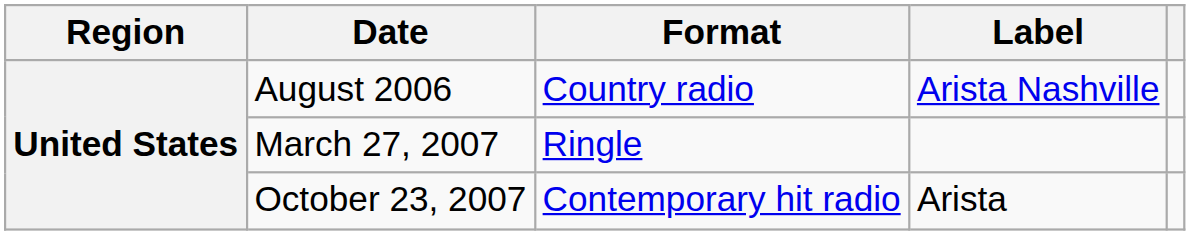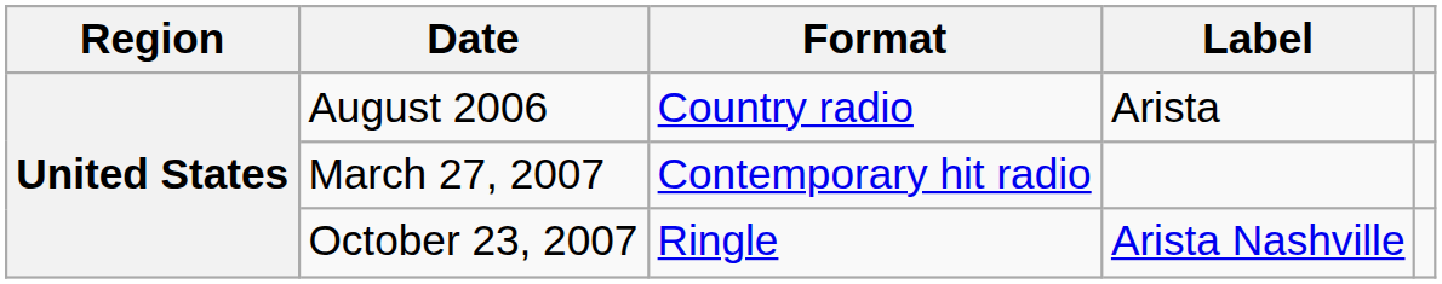 <table class="wikitable plainrowheaders unsortable">
 <tr>
 <th scope="col">Region</th>
 <th scope="col">Date</th>
 <th scope="col">Format</th>
 <th scope="col">Label</th>
 <th scope="col"></th>
 </tr>
 <tr>
 <th scope="row" rowspan="3">United States</th>
 <td>August 2006</td>
 <td><a href='#'>Country radio</a></td>
-<td><a href='#'>Arista Nashville</a></td>
+<td>Arista</td>
 <td style="text-align:center;"></td>
 </tr>
 <tr>
 <td>March 27, 2007</td>
-<td><a href='#'>Ringle</a></td>
+<td><a href='#'>Contemporary hit radio</a></td>
 <td></td>
 <td style="text-align:center;"></td>
 </tr>
 <tr>
 <td>October 23, 2007</td>
-<td><a href='#'>Contemporary hit radio</a></td>
-<td>Arista</td>
+<td><a href='#'>Ringle</a></td>
+<td><a href='#'>Arista Nashville</a></td>
 <td style="text-align:center;"></td>
 </tr>
 </table>
